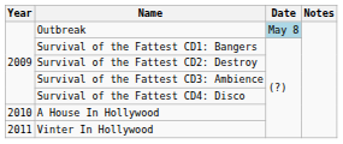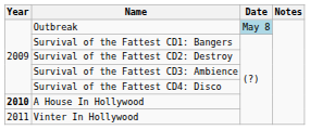 <table class="wikitable">
 <tr>
 <th>Year</th>
 <th>Name</th>
 <th>Date</th>
 <th>Notes</th>
 </tr>
 <tr>
 <td rowspan="5">2009</td>
 <td>Outbreak</td>
 <td style="background: lightblue;">May 8</td>
 <td rowspan="7"></td>
 </tr>
 <tr>
 <td>Survival of the Fattest CD1: Bangers</td>
 <td rowspan="6">(?)</td>
 </tr>
 <tr>
 <td>Survival of the Fattest CD2: Destroy</td>
 </tr>
 <tr>
 <td>Survival of the Fattest CD3: Ambience</td>
 </tr>
 <tr>
 <td>Survival of the Fattest CD4: Disco</td>
 </tr>
 <tr>
-<td>2010</td>
+<td><strong>2010</strong></td>
 <td>A House In Hollywood</td>
 </tr>
 <tr>
 <td>2011</td>
 <td>Vinter In Hollywood</td>
 </tr>
 </table>
